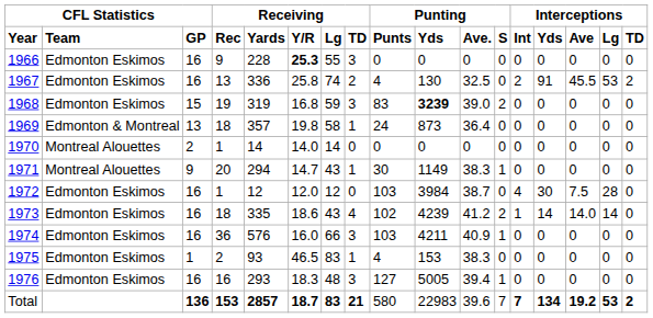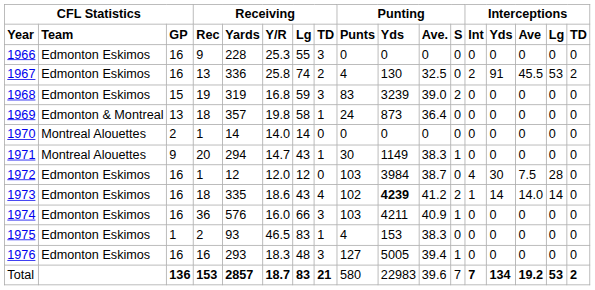 <table class="wikitable" border=0 style="background: #FFFFFF;">
 <tr>
 <td colspan=3 align="center"><strong>CFL Statistics</strong></td>
 <td colspan=5 align="center"><strong>Receiving</strong></td>
 <td colspan=4 align="center"><strong>Punting</strong></td>
 <td colspan=5 align="center"><strong>Interceptions</strong></td>
 </tr>
 <tr>
 <td><strong>Year</strong></td>
 <td><strong>Team</strong></td>
 <td><strong>GP</strong></td>
 <td><strong>Rec</strong></td>
 <td><strong>Yards</strong></td>
 <td><strong>Y/R</strong></td>
 <td><strong>Lg</strong></td>
 <td><strong>TD</strong></td>
 <td><strong>Punts</strong></td>
 <td><strong>Yds</strong></td>
 <td><strong>Ave.</strong></td>
 <td><strong>S</strong></td>
 <td><strong>Int</strong></td>
 <td><strong>Yds</strong></td>
 <td><strong>Ave</strong></td>
 <td><strong>Lg</strong></td>
 <td><strong>TD</strong></td>
 </tr>
 <tr>
 <td><a href='#'>1966</a></td>
 <td>Edmonton Eskimos</td>
 <td>16</td>
 <td>9</td>
 <td>228</td>
-<td><strong>25.3</strong></td>
+<td>25.3</td>
 <td>55</td>
 <td>3</td>
 <td>0</td>
 <td>0</td>
 <td>0</td>
 <td>0</td>
 <td>0</td>
 <td>0</td>
 <td>0</td>
 <td>0</td>
 <td>0</td>
 </tr>
 <tr>
 <td><a href='#'>1967</a></td>
 <td>Edmonton Eskimos</td>
 <td>16</td>
 <td>13</td>
 <td>336</td>
 <td>25.8</td>
 <td>74</td>
 <td>2</td>
 <td>4</td>
 <td>130</td>
 <td>32.5</td>
 <td>0</td>
 <td>2</td>
 <td>91</td>
 <td>45.5</td>
 <td>53</td>
 <td>2</td>
 </tr>
 <tr>
 <td><a href='#'>1968</a></td>
 <td>Edmonton Eskimos</td>
 <td>15</td>
 <td>19</td>
 <td>319</td>
 <td>16.8</td>
 <td>59</td>
 <td>3</td>
 <td>83</td>
-<td><strong>3239</strong></td>
+<td>3239</td>
 <td>39.0</td>
 <td>2</td>
 <td>0</td>
 <td>0</td>
 <td>0</td>
 <td>0</td>
 <td>0</td>
 </tr>
 <tr>
 <td><a href='#'>1969</a></td>
 <td>Edmonton & Montreal</td>
 <td>13</td>
 <td>18</td>
 <td>357</td>
 <td>19.8</td>
 <td>58</td>
 <td>1</td>
 <td>24</td>
 <td>873</td>
 <td>36.4</td>
 <td>0</td>
 <td>0</td>
 <td>0</td>
 <td>0</td>
 <td>0</td>
 <td>0</td>
 </tr>
 <tr>
 <td><a href='#'>1970</a></td>
 <td>Montreal Alouettes</td>
 <td>2</td>
 <td>1</td>
 <td>14</td>
 <td>14.0</td>
 <td>14</td>
 <td>0</td>
 <td>0</td>
 <td>0</td>
 <td>0</td>
 <td>0</td>
 <td>0</td>
 <td>0</td>
 <td>0</td>
 <td>0</td>
 <td>0</td>
 </tr>
 <tr>
 <td><a href='#'>1971</a></td>
 <td>Montreal Alouettes</td>
 <td>9</td>
 <td>20</td>
 <td>294</td>
 <td>14.7</td>
 <td>43</td>
 <td>1</td>
 <td>30</td>
 <td>1149</td>
 <td>38.3</td>
 <td>1</td>
 <td>0</td>
 <td>0</td>
 <td>0</td>
 <td>0</td>
 <td>0</td>
 </tr>
 <tr>
 <td><a href='#'>1972</a></td>
 <td>Edmonton Eskimos</td>
 <td>16</td>
 <td>1</td>
 <td>12</td>
 <td>12.0</td>
 <td>12</td>
 <td>0</td>
 <td>103</td>
 <td>3984</td>
 <td>38.7</td>
 <td>0</td>
 <td>4</td>
 <td>30</td>
 <td>7.5</td>
 <td>28</td>
 <td>0</td>
 </tr>
 <tr>
 <td><a href='#'>1973</a></td>
 <td>Edmonton Eskimos</td>
 <td>16</td>
 <td>18</td>
 <td>335</td>
 <td>18.6</td>
 <td>43</td>
 <td>4</td>
 <td>102</td>
-<td>4239</td>
+<td><strong>4239</strong></td>
 <td>41.2</td>
 <td>2</td>
 <td>1</td>
 <td>14</td>
 <td>14.0</td>
 <td>14</td>
 <td>0</td>
 </tr>
 <tr>
 <td><a href='#'>1974</a></td>
 <td>Edmonton Eskimos</td>
 <td>16</td>
 <td>36</td>
 <td>576</td>
 <td>16.0</td>
 <td>66</td>
 <td>3</td>
 <td>103</td>
 <td>4211</td>
 <td>40.9</td>
 <td>1</td>
 <td>0</td>
 <td>0</td>
 <td>0</td>
 <td>0</td>
 <td>0</td>
 </tr>
 <tr>
 <td><a href='#'>1975</a></td>
 <td>Edmonton Eskimos</td>
 <td>1</td>
 <td>2</td>
 <td>93</td>
 <td>46.5</td>
 <td>83</td>
 <td>1</td>
 <td>4</td>
 <td>153</td>
 <td>38.3</td>
 <td>0</td>
 <td>0</td>
 <td>0</td>
 <td>0</td>
 <td>0</td>
 <td>0</td>
 </tr>
 <tr>
 <td><a href='#'>1976</a></td>
 <td>Edmonton Eskimos</td>
 <td>16</td>
 <td>16</td>
 <td>293</td>
 <td>18.3</td>
 <td>48</td>
 <td>3</td>
 <td>127</td>
 <td>5005</td>
 <td>39.4</td>
 <td>1</td>
 <td>0</td>
 <td>0</td>
 <td>0</td>
 <td>0</td>
 <td>0</td>
 </tr>
 <tr>
 <td>Total</td>
 <td></td>
 <td><strong>136</strong></td>
 <td><strong>153</strong></td>
 <td><strong>2857</strong></td>
 <td><strong>18.7</strong></td>
 <td><strong>83</strong></td>
 <td><strong>21</strong></td>
 <td>580</td>
 <td>22983</td>
 <td>39.6</td>
 <td>7</td>
 <td><strong>7</strong></td>
 <td><strong>134</strong></td>
 <td><strong>19.2</strong></td>
 <td><strong>53</strong></td>
 <td><strong>2</strong></td>
 </tr>
 </table>
